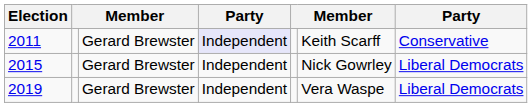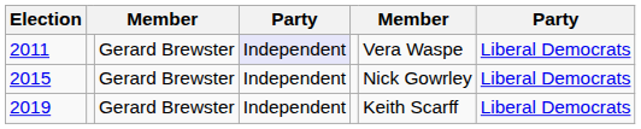 <table class="wikitable">
 <tr>
 <th>Election</th>
 <th colspan="2">Member</th>
 <th>Party</th>
 <th colspan="2">Member</th>
 <th>Party</th>
 </tr>
 <tr>
 <td><a href='#'>2011</a></td>
 <td style="background-color: "></td>
 <td>Gerard Brewster</td>
 <td style="background: lavender;">Independent</td>
 <td style="background-color: "></td>
-<td>Keith Scarff</td>
-<td><a href='#'>Conservative</a></td>
+<td>Vera Waspe</td>
+<td><a href='#'>Liberal Democrats</a></td>
 </tr>
 <tr>
 <td><a href='#'>2015</a></td>
 <td style="background-color: "></td>
 <td>Gerard Brewster</td>
 <td>Independent</td>
 <td style="background-color: "></td>
 <td>Nick Gowrley</td>
 <td><a href='#'>Liberal Democrats</a></td>
 </tr>
 <tr>
 <td><a href='#'>2019</a></td>
 <td style="background-color: "></td>
 <td>Gerard Brewster</td>
 <td>Independent</td>
 <td style="background-color: "></td>
-<td>Vera Waspe</td>
+<td>Keith Scarff</td>
 <td><a href='#'>Liberal Democrats</a></td>
 </tr>
 </table>
